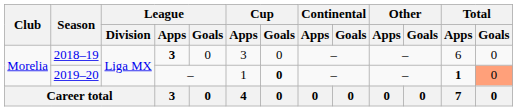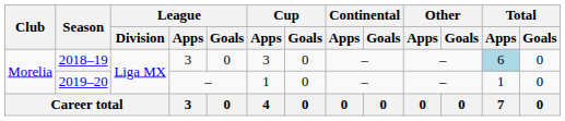 <table class="wikitable" style="text-align: center">
 <tr>
 <th rowspan="2">Club</th>
 <th rowspan="2">Season</th>
 <th colspan="3">League</th>
 <th colspan="2">Cup</th>
 <th colspan="2">Continental</th>
 <th colspan="2">Other</th>
 <th colspan="2">Total</th>
 </tr>
 <tr>
 <th>Division</th>
 <th>Apps</th>
 <th>Goals</th>
 <th>Apps</th>
 <th>Goals</th>
 <th>Apps</th>
 <th>Goals</th>
 <th>Apps</th>
 <th>Goals</th>
 <th>Apps</th>
 <th>Goals</th>
 </tr>
 <tr>
 <td rowspan="2"><a href='#'>Morelia</a></td>
 <td><a href='#'>2018–19</a></td>
 <td rowspan="2"><a href='#'>Liga MX</a></td>
-<td><strong>3</strong></td>
+<td>3</td>
 <td>0</td>
 <td>3</td>
 <td>0</td>
 <td colspan="2">–</td>
 <td colspan="2">–</td>
-<td>6</td>
+<td style="background: lightblue;">6</td>
 <td>0</td>
 </tr>
 <tr>
 <td><a href='#'>2019–20</a></td>
 <td colspan="2">–</td>
 <td>1</td>
-<td><strong>0</strong></td>
+<td>0</td>
 <td colspan="2">–</td>
 <td colspan="2">–</td>
-<td><strong>1</strong></td>
-<td style="background: lightsalmon;">0</td>
+<td>1</td>
+<td>0</td>
 </tr>
 <tr>
 <th colspan="3"><strong>Career total</strong></th>
 <th>3</th>
 <th>0</th>
 <th>4</th>
 <th>0</th>
 <th>0</th>
 <th>0</th>
 <th>0</th>
 <th>0</th>
 <th>7</th>
 <th>0</th>
 </tr>
 </table>
